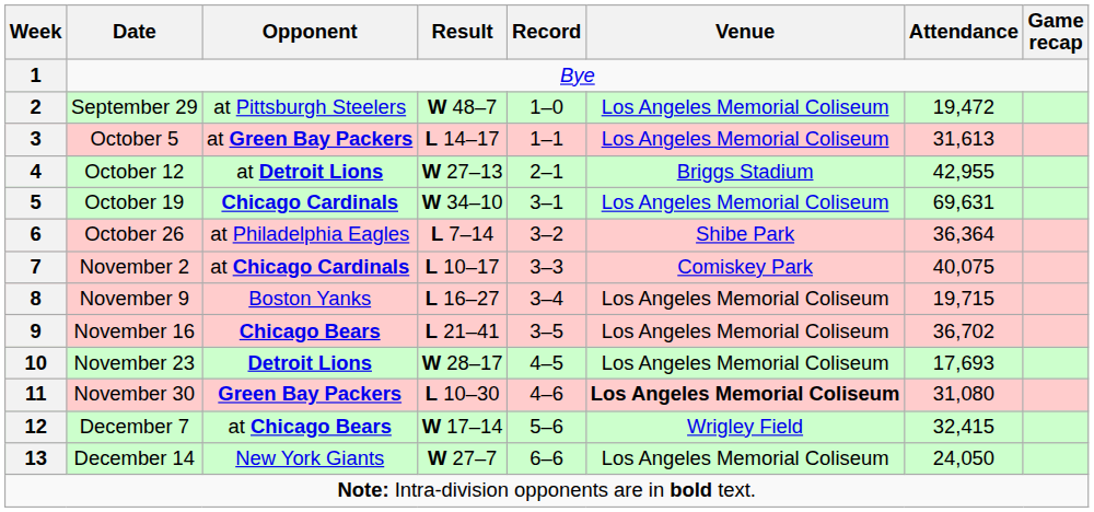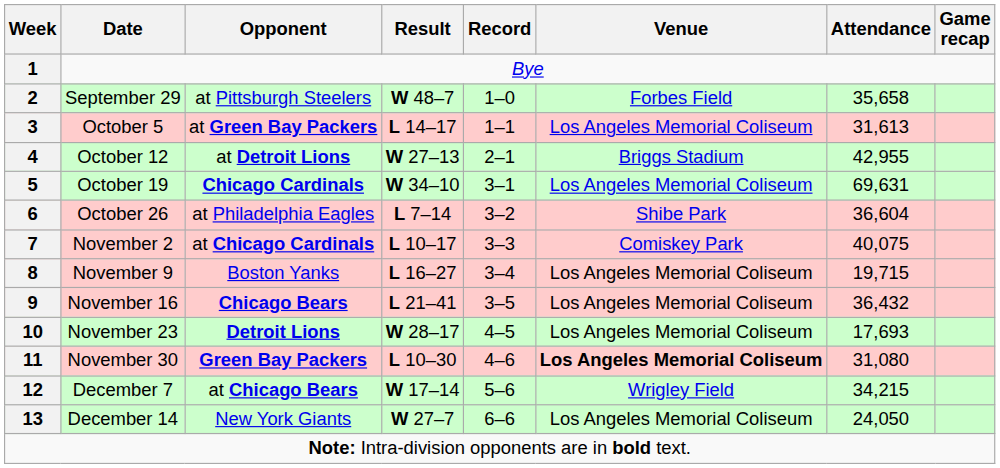 <table class="wikitable" style="text-align:center">
 <tr>
 <th>Week</th>
 <th>Date</th>
 <th>Opponent</th>
 <th>Result</th>
 <th>Record</th>
 <th>Venue</th>
 <th>Attendance</th>
 <th>Game<br>recap</th>
 </tr>
 <tr>
 <th>1</th>
 <td colspan="7"><em><a href='#'>Bye</a></em></td>
 </tr>
 <tr style="background:#cfc">
 <th>2</th>
 <td>September 29</td>
 <td>at <a href='#'>Pittsburgh Steelers</a></td>
 <td><strong>W</strong> 48–7</td>
 <td>1–0</td>
-<td><a href='#'>Los Angeles Memorial Coliseum</a></td>
-<td>19,472</td>
+<td><a href='#'>Forbes Field</a></td>
+<td>35,658</td>
 <td></td>
 </tr>
 <tr style="background:#fcc">
 <th>3</th>
 <td>October 5</td>
 <td>at <strong><a href='#'>Green Bay Packers</a></strong></td>
 <td><strong>L</strong> 14–17</td>
 <td>1–1</td>
 <td><a href='#'>Los Angeles Memorial Coliseum</a></td>
 <td>31,613</td>
 <td></td>
 </tr>
 <tr style="background:#cfc">
 <th>4</th>
 <td>October 12</td>
 <td>at <strong><a href='#'>Detroit Lions</a></strong></td>
 <td><strong>W</strong> 27–13</td>
 <td>2–1</td>
 <td><a href='#'>Briggs Stadium</a></td>
 <td>42,955</td>
 <td></td>
 </tr>
 <tr style="background:#cfc">
 <th>5</th>
 <td>October 19</td>
 <td><strong><a href='#'>Chicago Cardinals</a></strong></td>
 <td><strong>W</strong> 34–10</td>
 <td>3–1</td>
 <td><a href='#'>Los Angeles Memorial Coliseum</a></td>
 <td>69,631</td>
 <td></td>
 </tr>
 <tr style="background:#fcc">
 <th>6</th>
 <td>October 26</td>
 <td>at <a href='#'>Philadelphia Eagles</a></td>
 <td><strong>L</strong> 7–14</td>
 <td>3–2</td>
 <td><a href='#'>Shibe Park</a></td>
-<td>36,364</td>
+<td>36,604</td>
 <td></td>
 </tr>
 <tr style="background:#fcc">
 <th>7</th>
 <td>November 2</td>
 <td>at <strong><a href='#'>Chicago Cardinals</a></strong></td>
 <td><strong>L</strong> 10–17</td>
 <td>3–3</td>
 <td><a href='#'>Comiskey Park</a></td>
 <td>40,075</td>
 <td></td>
 </tr>
 <tr style="background:#fcc">
 <th>8</th>
 <td>November 9</td>
 <td><a href='#'>Boston Yanks</a></td>
 <td><strong>L</strong> 16–27</td>
 <td>3–4</td>
 <td>Los Angeles Memorial Coliseum</td>
 <td>19,715</td>
 <td></td>
 </tr>
 <tr style="background:#fcc">
 <th>9</th>
 <td>November 16</td>
 <td><strong><a href='#'>Chicago Bears</a></strong></td>
 <td><strong>L</strong> 21–41</td>
 <td>3–5</td>
 <td>Los Angeles Memorial Coliseum</td>
-<td>36,702</td>
+<td>36,432</td>
 <td></td>
 </tr>
 <tr style="background:#cfc">
 <th>10</th>
 <td>November 23</td>
 <td><strong><a href='#'>Detroit Lions</a></strong></td>
 <td><strong>W</strong> 28–17</td>
 <td>4–5</td>
 <td>Los Angeles Memorial Coliseum</td>
 <td>17,693</td>
 <td></td>
 </tr>
 <tr style="background:#fcc">
 <th>11</th>
 <td>November 30</td>
 <td><strong><a href='#'>Green Bay Packers</a></strong></td>
 <td><strong>L</strong> 10–30</td>
 <td>4–6</td>
 <td><strong>Los Angeles Memorial Coliseum</strong></td>
 <td>31,080</td>
 <td></td>
 </tr>
 <tr style="background:#cfc">
 <th>12</th>
 <td>December 7</td>
 <td>at <strong><a href='#'>Chicago Bears</a></strong></td>
 <td><strong>W</strong> 17–14</td>
 <td>5–6</td>
 <td><a href='#'>Wrigley Field</a></td>
-<td>32,415</td>
+<td>34,215</td>
 <td></td>
 </tr>
 <tr style="background:#cfc">
 <th>13</th>
 <td>December 14</td>
 <td><a href='#'>New York Giants</a></td>
 <td><strong>W</strong> 27–7</td>
 <td>6–6</td>
 <td>Los Angeles Memorial Coliseum</td>
 <td>24,050</td>
 <td></td>
 </tr>
 <tr>
 <td colspan="8"><strong>Note:</strong> Intra-division opponents are in <strong>bold</strong> text.</td>
 </tr>
 </table>
